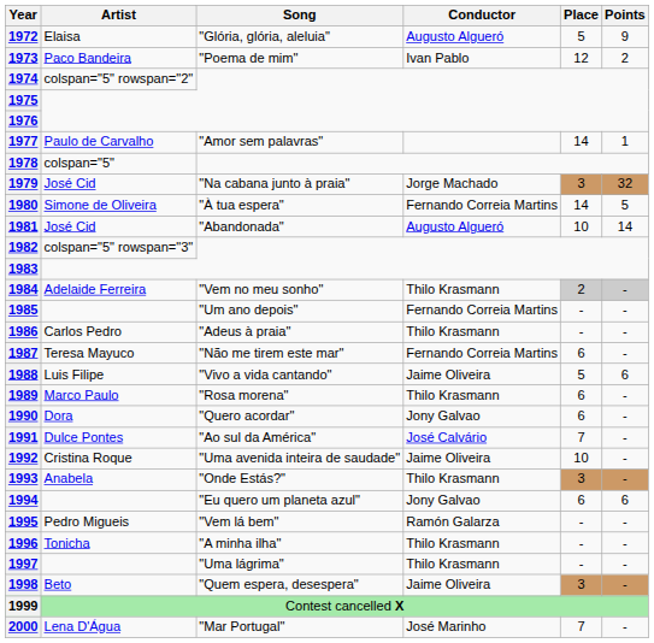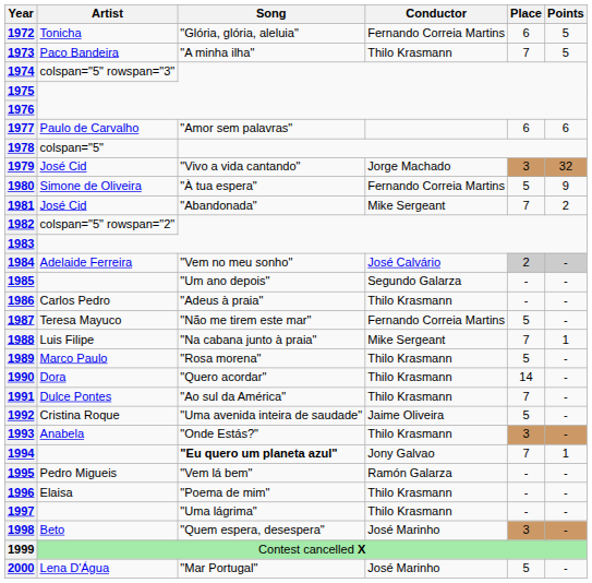 <table class="wikitable sortable plainrowheaders">
 <tr>
 <th scope="col">Year</th>
 <th scope="col">Artist</th>
 <th scope="col">Song</th>
 <th scope="col">Conductor</th>
 <th scope="col" data-sort-type="number">Place</th>
 <th scope="col" data-sort-type="number">Points</th>
 </tr>
 <tr>
 <th scope="row" style="text-align:center;"><a href='#'>1972</a></th>
-<td>Elaisa</td>
+<td><a href='#'>Tonicha</a></td>
 <td>"Glória, glória, aleluia"</td>
-<td><a href='#'>Augusto Algueró</a></td>
+<td>Fernando Correia Martins</td>
+<td style="text-align:center;">6</td>
 <td style="text-align:center;">5</td>
-<td style="text-align:center;">9</td>
 </tr>
 <tr>
 <th scope="row" style="text-align:center;"><a href='#'>1973</a></th>
 <td><a href='#'>Paco Bandeira</a></td>
-<td>"Poema de mim"</td>
-<td>Ivan Pablo</td>
-<td style="text-align:center;">12</td>
-<td style="text-align:center;">2</td>
+<td>"A minha ilha"</td>
+<td>Thilo Krasmann</td>
+<td style="text-align:center;">7</td>
+<td style="text-align:center;">5</td>
 </tr>
 <tr>
 <th scope="row" style="text-align:center;"><a href='#'>1974</a></th>
-<td>colspan="5" rowspan="2" </td>
+<td>colspan="5" rowspan="3" </td>
 </tr>
 <tr>
 <th scope="row" style="text-align:center;"><a href='#'>1975</a></th>
 </tr>
 <tr>
 <th scope="row" style="text-align:center;"><a href='#'>1976</a></th>
 </tr>
 <tr>
 <th scope="row" style="text-align:center;"><a href='#'>1977</a></th>
 <td><a href='#'>Paulo de Carvalho</a></td>
 <td>"Amor sem palavras"</td>
 <td></td>
-<td style="text-align:center;">14</td>
-<td style="text-align:center;">1</td>
+<td style="text-align:center;">6</td>
+<td style="text-align:center;">6</td>
 </tr>
 <tr>
 <th scope="row" style="text-align:center;"><a href='#'>1978</a></th>
 <td>colspan="5" </td>
 </tr>
 <tr>
 <th scope="row" style="text-align:center;"><a href='#'>1979</a></th>
 <td><a href='#'>José Cid</a></td>
-<td>"Na cabana junto à praia"</td>
+<td>"Vivo a vida cantando"</td>
 <td>Jorge Machado</td>
 <td style="text-align:center; background-color:#C96;">3</td>
 <td style="text-align:center; background-color:#C96;">32</td>
 </tr>
 <tr>
 <th scope="row" style="text-align:center;"><a href='#'>1980</a></th>
 <td><a href='#'>Simone de Oliveira</a></td>
 <td>"À tua espera"</td>
 <td>Fernando Correia Martins</td>
-<td style="text-align:center;">14</td>
 <td style="text-align:center;">5</td>
+<td style="text-align:center;">9</td>
 </tr>
 <tr>
 <th scope="row" style="text-align:center;"><a href='#'>1981</a></th>
 <td><a href='#'>José Cid</a></td>
 <td>"Abandonada"</td>
-<td><a href='#'>Augusto Algueró</a></td>
-<td style="text-align:center;">10</td>
-<td style="text-align:center;">14</td>
+<td>Mike Sergeant</td>
+<td style="text-align:center;">7</td>
+<td style="text-align:center;">2</td>
 </tr>
 <tr>
 <th scope="row" style="text-align:center;"><a href='#'>1982</a></th>
-<td>colspan="5" rowspan="3" </td>
+<td>colspan="5" rowspan="2" </td>
 </tr>
 <tr>
 <th scope="row" style="text-align:center;"><a href='#'>1983</a></th>
 </tr>
 <tr>
 <th scope="row" style="text-align:center;"><a href='#'>1984</a></th>
 <td><a href='#'>Adelaide Ferreira</a></td>
 <td>"Vem no meu sonho"</td>
-<td>Thilo Krasmann</td>
+<td><a href='#'>José Calvário</a></td>
 <td style="text-align:center; background-color:#CCC;">2</td>
 <td style="text-align:center; background-color:#CCC;">-</td>
 </tr>
 <tr>
 <th scope="row" style="text-align:center;"><a href='#'>1985</a></th>
 <td></td>
 <td>"Um ano depois"</td>
-<td>Fernando Correia Martins</td>
+<td>Segundo Galarza</td>
 <td style="text-align:center;">-</td>
 <td style="text-align:center;">-</td>
 </tr>
 <tr>
 <th scope="row" style="text-align:center;"><a href='#'>1986</a></th>
 <td>Carlos Pedro</td>
 <td>"Adeus à praia"</td>
 <td>Thilo Krasmann</td>
 <td style="text-align:center;">-</td>
 <td style="text-align:center;">-</td>
 </tr>
 <tr>
 <th scope="row" style="text-align:center;"><a href='#'>1987</a></th>
 <td>Teresa Mayuco</td>
 <td>"Não me tirem este mar"</td>
 <td>Fernando Correia Martins</td>
-<td style="text-align:center;">6</td>
+<td style="text-align:center;">5</td>
 <td style="text-align:center;">-</td>
 </tr>
 <tr>
 <th scope="row" style="text-align:center;"><a href='#'>1988</a></th>
 <td>Luis Filipe</td>
-<td>"Vivo a vida cantando"</td>
-<td>Jaime Oliveira</td>
-<td style="text-align:center;">5</td>
-<td style="text-align:center;">6</td>
+<td>"Na cabana junto à praia"</td>
+<td>Mike Sergeant</td>
+<td style="text-align:center;">7</td>
+<td style="text-align:center;">1</td>
 </tr>
 <tr>
 <th scope="row" style="text-align:center;"><a href='#'>1989</a></th>
 <td><a href='#'>Marco Paulo</a></td>
 <td>"Rosa morena"</td>
 <td>Thilo Krasmann</td>
-<td style="text-align:center;">6</td>
+<td style="text-align:center;">5</td>
 <td style="text-align:center;">-</td>
 </tr>
 <tr>
 <th scope="row" style="text-align:center;"><a href='#'>1990</a></th>
 <td><a href='#'>Dora</a></td>
 <td>"Quero acordar"</td>
-<td>Jony Galvao</td>
-<td style="text-align:center;">6</td>
+<td>Thilo Krasmann</td>
+<td style="text-align:center;">14</td>
 <td style="text-align:center;">-</td>
 </tr>
 <tr>
 <th scope="row" style="text-align:center;"><a href='#'>1991</a></th>
 <td><a href='#'>Dulce Pontes</a></td>
 <td>"Ao sul da América"</td>
-<td><a href='#'>José Calvário</a></td>
+<td>Thilo Krasmann</td>
 <td style="text-align:center;">7</td>
 <td style="text-align:center;">-</td>
 </tr>
 <tr>
 <th scope="row" style="text-align:center;"><a href='#'>1992</a></th>
 <td>Cristina Roque</td>
 <td>"Uma avenida inteira de saudade"</td>
 <td>Jaime Oliveira</td>
-<td style="text-align:center;">10</td>
+<td style="text-align:center;">5</td>
 <td style="text-align:center;">-</td>
 </tr>
 <tr>
 <th scope="row" style="text-align:center;"><a href='#'>1993</a></th>
 <td><a href='#'>Anabela</a></td>
 <td>"Onde Estás?"</td>
 <td>Thilo Krasmann</td>
 <td style="text-align:center; background-color:#C96;">3</td>
 <td style="text-align:center; background-color:#C96;">-</td>
 </tr>
 <tr>
 <th scope="row" style="text-align:center;"><a href='#'>1994</a></th>
 <td></td>
-<td>"Eu quero um planeta azul"</td>
+<td><strong>"Eu quero um planeta azul"</strong></td>
 <td>Jony Galvao</td>
-<td style="text-align:center;">6</td>
-<td style="text-align:center;">6</td>
+<td style="text-align:center;">7</td>
+<td style="text-align:center;">1</td>
 </tr>
 <tr>
 <th scope="row" style="text-align:center;"><a href='#'>1995</a></th>
 <td>Pedro Migueis</td>
 <td>"Vem lá bem"</td>
 <td>Ramón Galarza</td>
 <td style="text-align:center;">-</td>
 <td style="text-align:center;">-</td>
 </tr>
 <tr>
 <th scope="row" style="text-align:center;"><a href='#'>1996</a></th>
-<td><a href='#'>Tonicha</a></td>
-<td>"A minha ilha"</td>
+<td>Elaisa</td>
+<td>"Poema de mim"</td>
 <td>Thilo Krasmann</td>
 <td style="text-align:center;">-</td>
 <td style="text-align:center;">-</td>
 </tr>
 <tr>
 <th scope="row" style="text-align:center;"><a href='#'>1997</a></th>
 <td></td>
 <td>"Uma lágrima"</td>
 <td>Thilo Krasmann</td>
 <td style="text-align:center;">-</td>
 <td style="text-align:center;">-</td>
 </tr>
 <tr>
 <th scope="row" style="text-align:center;"><a href='#'>1998</a></th>
 <td><a href='#'>Beto</a></td>
 <td>"Quem espera, desespera"</td>
-<td>Jaime Oliveira</td>
+<td>José Marinho</td>
 <td style="text-align:center; background-color:#C96;">3</td>
 <td style="text-align:center; background-color:#C96;">-</td>
 </tr>
 <tr style="background-color:#A4EAA9;">
 <th scope="row" style="text-align:center;">1999</th>
 <td colspan="5" style="text-align:center;">Contest cancelled <strong>X</strong></td>
 </tr>
 <tr>
 <th scope="row" style="text-align:center;"><a href='#'>2000</a></th>
 <td><a href='#'>Lena D'Água</a></td>
 <td>"Mar Portugal"</td>
 <td>José Marinho</td>
-<td style="text-align:center;">7</td>
+<td style="text-align:center;">5</td>
 <td style="text-align:center;">-</td>
 </tr>
 </table>
